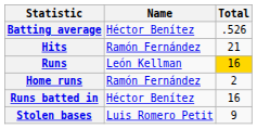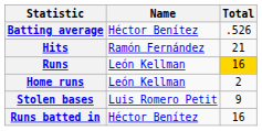 <table class="wikitable plainrowheaders">
 <tr>
 <th scope="col">Statistic</th>
 <th scope="col">Name</th>
 <th scope="col">Total</th>
 </tr>
 <tr>
 <th scope="row"><a href='#'>Batting average</a></th>
 <td> <a href='#'>Héctor Benítez</a></td>
 <td align=center>.526</td>
 </tr>
 <tr>
 <th scope="row"><a href='#'>Hits</a></th>
 <td> <a href='#'>Ramón Fernández</a></td>
 <td align=center>21</td>
 </tr>
 <tr>
 <th scope="row"><a href='#'>Runs</a></th>
 <td> <a href='#'>León Kellman</a></td>
 <td align=center style="background: gold;">16</td>
 </tr>
 <tr>
 <th scope="row"><a href='#'>Home runs</a></th>
-<td> <a href='#'>Ramón Fernández</a></td>
+<td> <a href='#'>León Kellman</a></td>
 <td align=center>2</td>
+</tr>
+<tr>
+<th scope="row"><a href='#'>Stolen bases</a></th>
+<td> <a href='#'>Luis Romero Petit</a></td>
+<td align=center>9</td>
 </tr>
 <tr>
 <th scope="row"><a href='#'>Runs batted in</a></th>
 <td> <a href='#'>Héctor Benítez</a></td>
 <td align=center>16</td>
 </tr>
-<tr>
-<th scope="row"><a href='#'>Stolen bases</a></th>
-<td> <a href='#'>Luis Romero Petit</a></td>
-<td align=center>9</td>
-</tr>
 </table>
